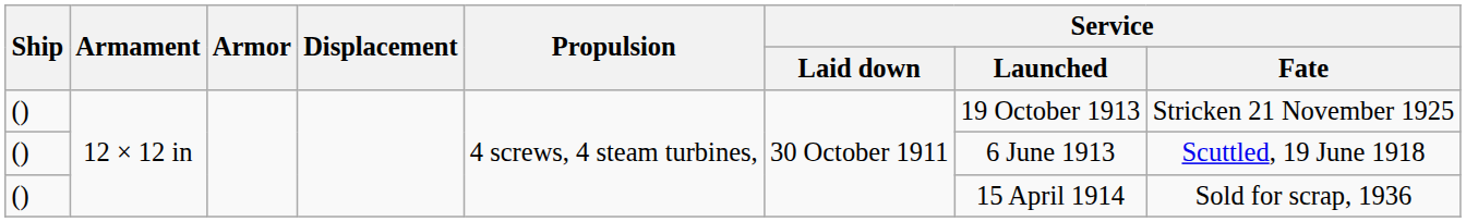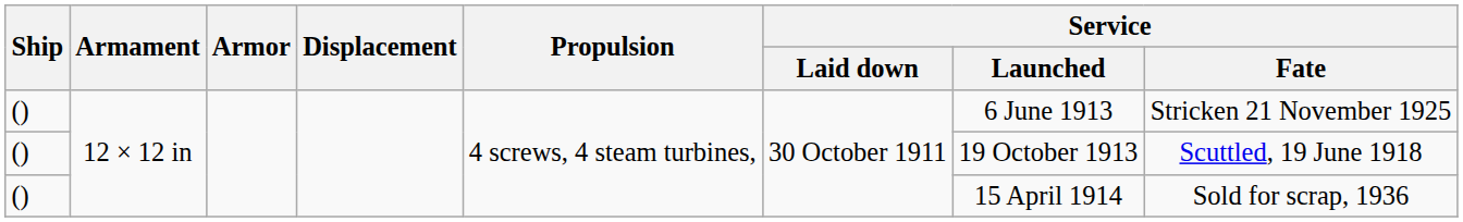 <table class="wikitable">
 <tr valign="center">
 <th align= center rowspan=2>Ship</th>
 <th align= center rowspan=2>Armament</th>
 <th align= center rowspan=2>Armor</th>
 <th align= center rowspan=2>Displacement</th>
 <th align= center rowspan=2>Propulsion</th>
 <th align= center colspan=3>Service</th>
 </tr>
 <tr valign="top">
 <th align= center>Laid down</th>
 <th align= center>Launched</th>
 <th align= center>Fate</th>
 </tr>
 <tr valign="center">
 <td align= left> ()</td>
 <td align= center rowspan=3>12 × 12 in</td>
 <td align= center rowspan=3></td>
 <td align= center rowspan=3></td>
 <td align= center rowspan=3>4 screws, 4 steam turbines, </td>
 <td align= center rowspan=3>30 October 1911</td>
-<td align= center>19 October 1913</td>
+<td align= center>6 June 1913</td>
 <td align= center>Stricken 21 November 1925</td>
 </tr>
 <tr valign="center">
 <td align= left> ()</td>
-<td align= center>6 June 1913</td>
+<td align= center>19 October 1913</td>
 <td align= center><a href='#'>Scuttled</a>, 19 June 1918</td>
 </tr>
 <tr valign="center">
 <td align= left> ()</td>
 <td align= center>15 April 1914</td>
 <td align= center>Sold for scrap, 1936</td>
 </tr>
 </table>
